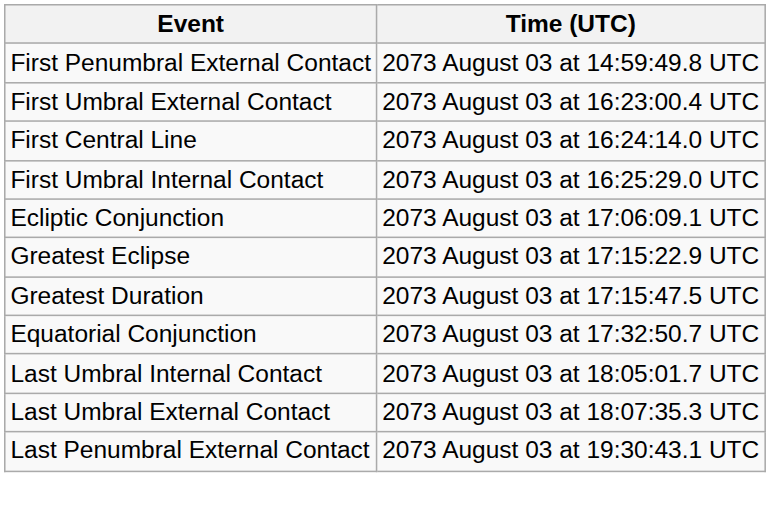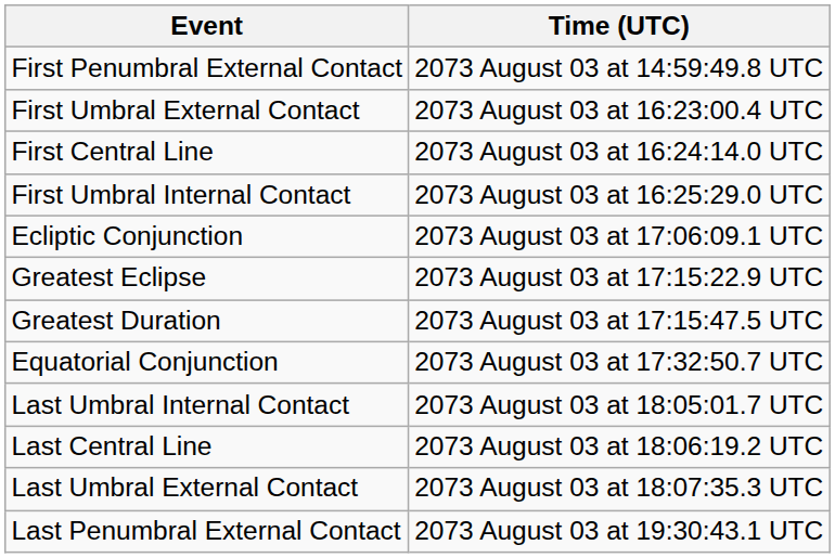 <table class="wikitable">
 <tr>
 <th>Event</th>
 <th>Time (UTC)</th>
 </tr>
 <tr>
 <td>First Penumbral External Contact</td>
 <td>2073 August 03 at 14:59:49.8 UTC</td>
 </tr>
 <tr>
 <td>First Umbral External Contact</td>
 <td>2073 August 03 at 16:23:00.4 UTC</td>
 </tr>
 <tr>
 <td>First Central Line</td>
 <td>2073 August 03 at 16:24:14.0 UTC</td>
 </tr>
 <tr>
 <td>First Umbral Internal Contact</td>
 <td>2073 August 03 at 16:25:29.0 UTC</td>
 </tr>
 <tr>
 <td>Ecliptic Conjunction</td>
 <td>2073 August 03 at 17:06:09.1 UTC</td>
 </tr>
 <tr>
 <td>Greatest Eclipse</td>
 <td>2073 August 03 at 17:15:22.9 UTC</td>
 </tr>
 <tr>
 <td>Greatest Duration</td>
 <td>2073 August 03 at 17:15:47.5 UTC</td>
 </tr>
 <tr>
 <td>Equatorial Conjunction</td>
 <td>2073 August 03 at 17:32:50.7 UTC</td>
 </tr>
 <tr>
 <td>Last Umbral Internal Contact</td>
 <td>2073 August 03 at 18:05:01.7 UTC</td>
 </tr>
 <tr>
+<td>Last Central Line</td>
+<td>2073 August 03 at 18:06:19.2 UTC</td>
+</tr>
+<tr>
 <td>Last Umbral External Contact</td>
 <td>2073 August 03 at 18:07:35.3 UTC</td>
 </tr>
 <tr>
 <td>Last Penumbral External Contact</td>
 <td>2073 August 03 at 19:30:43.1 UTC</td>
 </tr>
 </table>
